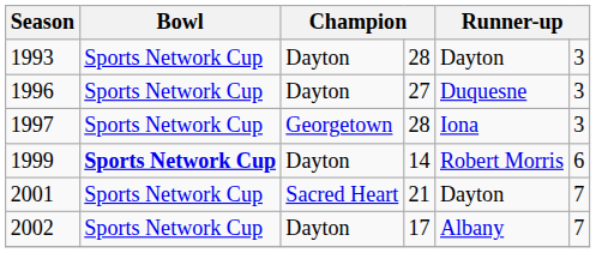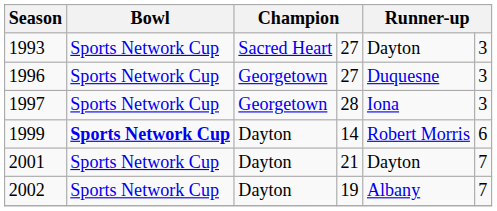 <table class="wikitable"; style= "text-align: ">
 <tr>
 <th width=px>Season</th>
 <th width=px>Bowl</th>
 <th colspan=2>Champion</th>
 <th colspan=2>Runner-up</th>
 </tr>
 <tr>
 <td>1993</td>
 <td><a href='#'>Sports Network Cup</a></td>
-<td>Dayton</td>
-<td>28</td>
+<td><a href='#'>Sacred Heart</a></td>
+<td>27</td>
 <td>Dayton</td>
 <td>3</td>
 </tr>
 <tr>
 <td>1996</td>
 <td><a href='#'>Sports Network Cup</a></td>
-<td>Dayton</td>
+<td><a href='#'>Georgetown</a></td>
 <td>27</td>
 <td><a href='#'>Duquesne</a></td>
 <td>3</td>
 </tr>
 <tr>
 <td>1997</td>
 <td><a href='#'>Sports Network Cup</a></td>
 <td><a href='#'>Georgetown</a></td>
 <td>28</td>
 <td><a href='#'>Iona</a></td>
 <td>3</td>
 </tr>
 <tr>
 <td>1999</td>
 <td><strong><a href='#'>Sports Network Cup</a></strong></td>
 <td>Dayton</td>
 <td>14</td>
 <td><a href='#'>Robert Morris</a></td>
 <td>6</td>
 </tr>
 <tr>
 <td>2001</td>
 <td><a href='#'>Sports Network Cup</a></td>
-<td><a href='#'>Sacred Heart</a></td>
+<td>Dayton</td>
 <td>21</td>
 <td>Dayton</td>
 <td>7</td>
 </tr>
 <tr>
 <td>2002</td>
 <td><a href='#'>Sports Network Cup</a></td>
 <td>Dayton</td>
-<td>17</td>
+<td>19</td>
 <td><a href='#'>Albany</a></td>
 <td>7</td>
 </tr>
 <tr>
 </tr>
 </table>
